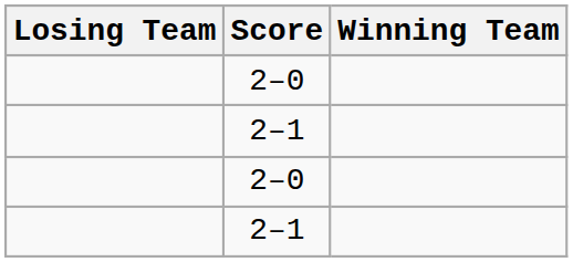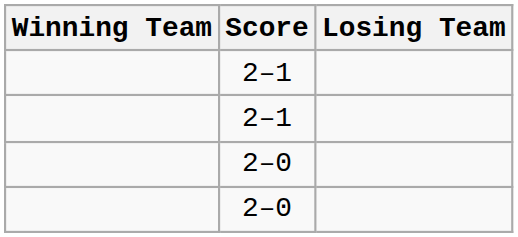 <table class=wikitable style="border:1px solid #AAAAAA;">
 <tr>
+<th>Winning Team</th>
+<th>Score</th>
 <th>Losing Team</th>
-<th>Score</th>
-<th>Winning Team</th>
 </tr>
 <tr>
+<td><strong></strong></td>
+<td align="center">2–1</td>
 <td></td>
-<td align="center">2–0</td>
-<td><strong></strong></td>
 </tr>
 <tr>
+<td><strong></strong></td>
+<td align="center">2–1</td>
 <td></td>
-<td align="center">2–1</td>
-<td><strong></strong></td>
 </tr>
 <tr>
+<td><strong></strong></td>
+<td align="center">2–0</td>
 <td></td>
-<td align="center">2–0</td>
-<td><strong></strong></td>
 </tr>
 <tr>
+<td><strong></strong></td>
+<td align="center">2–0</td>
 <td></td>
-<td align="center">2–1</td>
-<td><strong></strong></td>
 </tr>
 </table>
